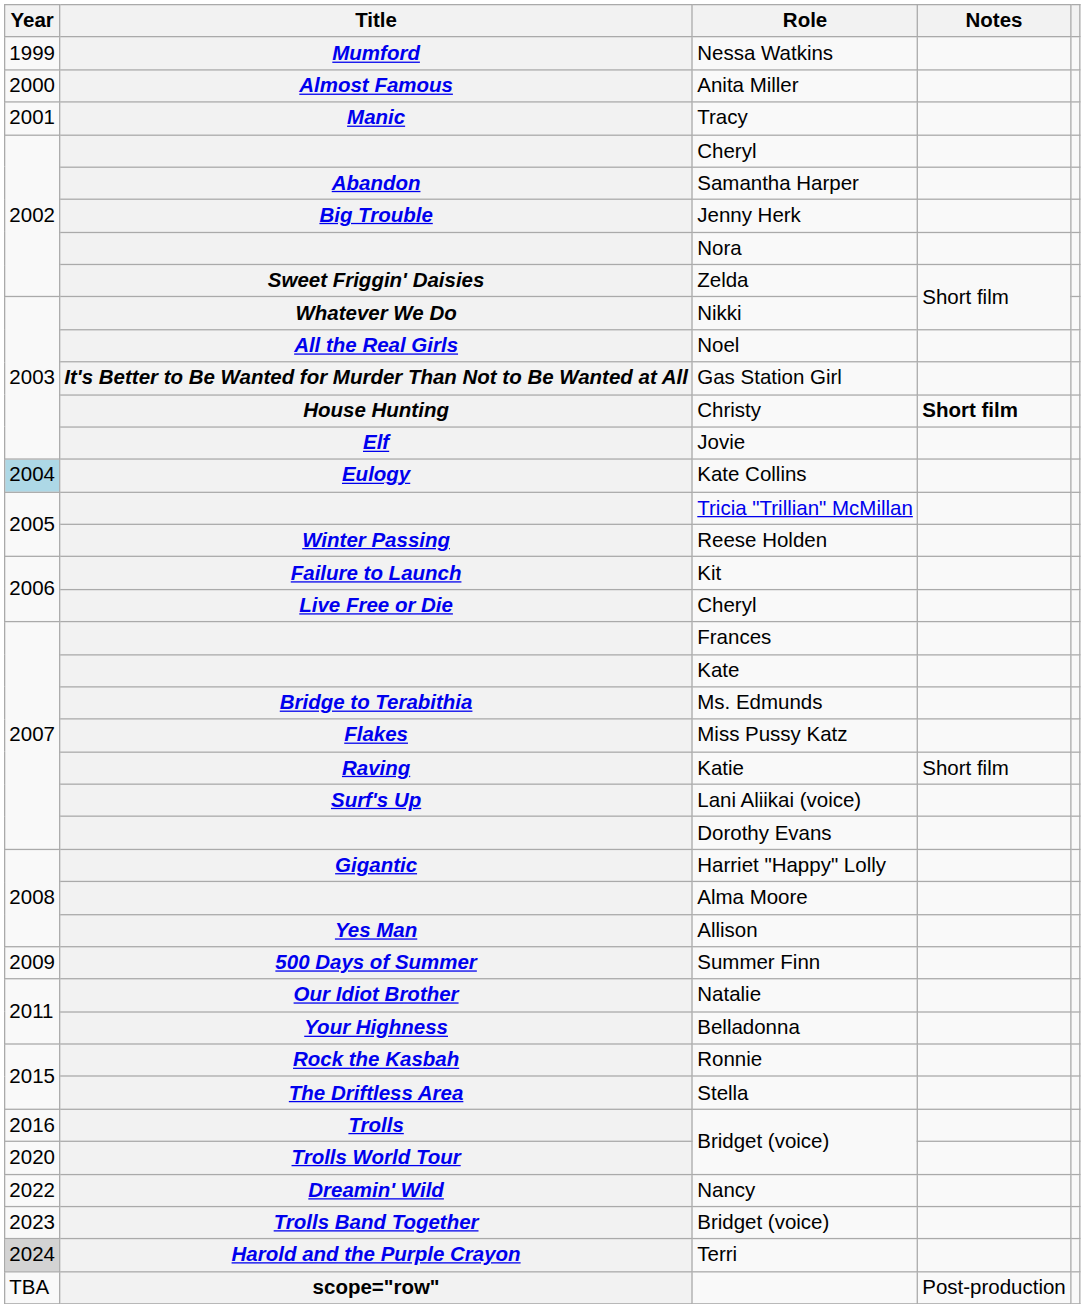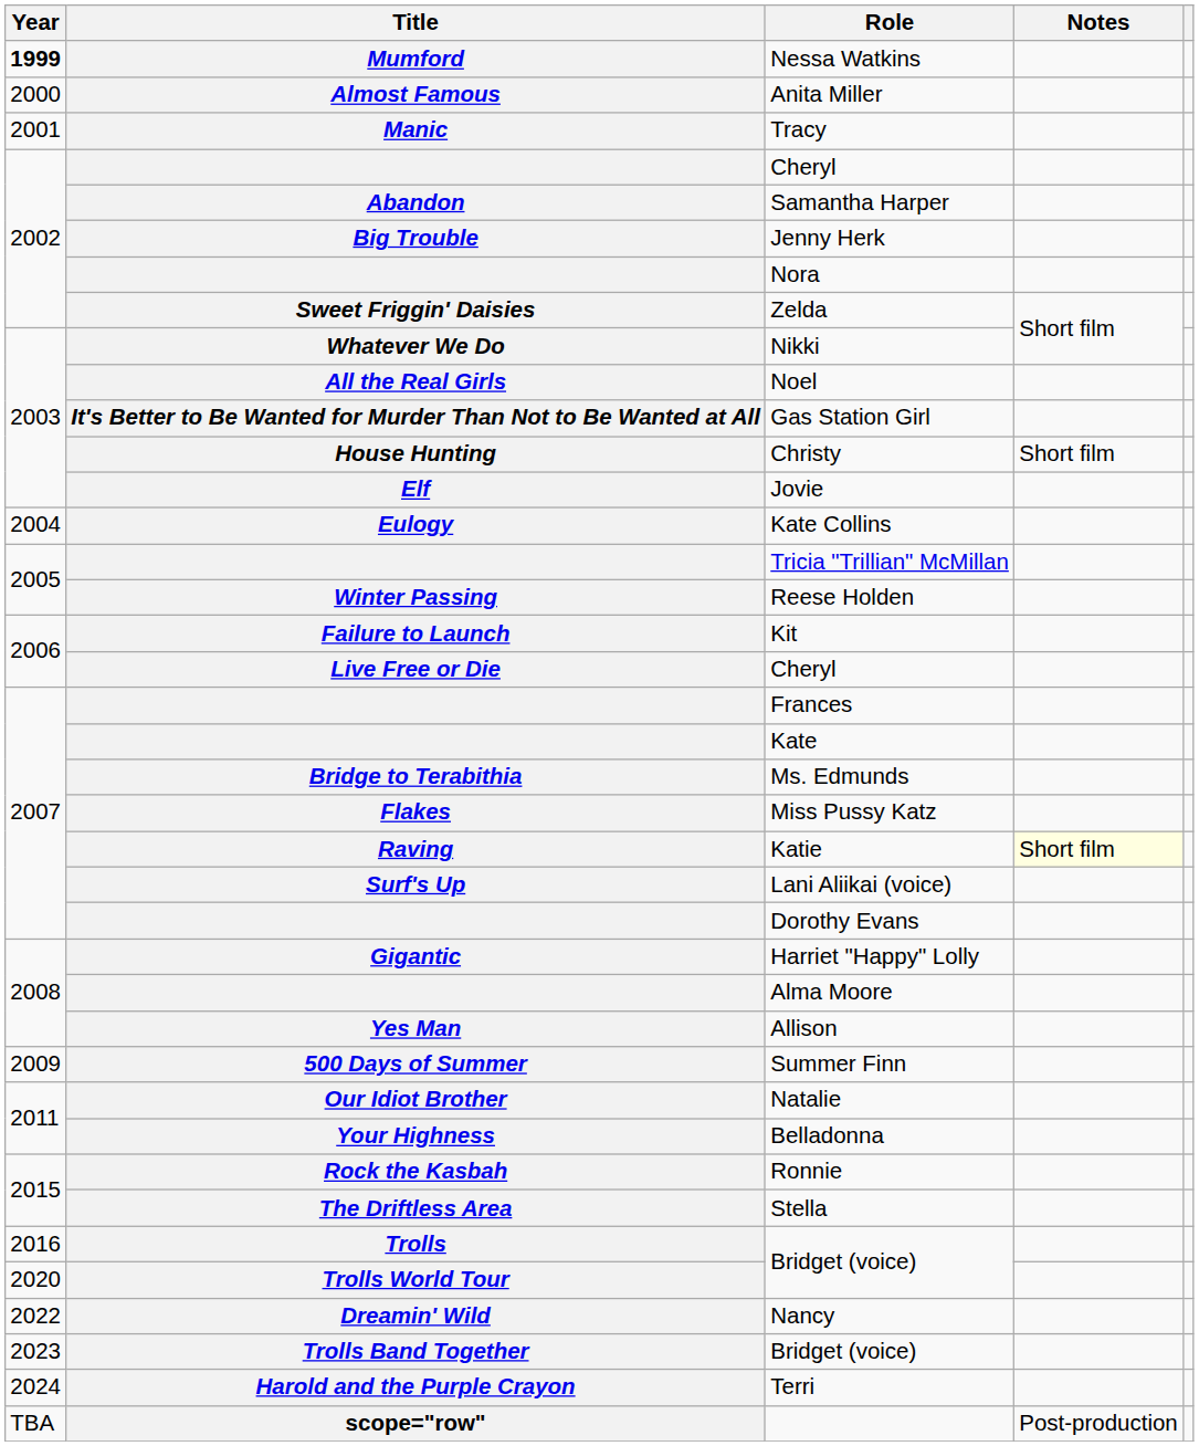 <table class="wikitable plainrowheaders sortable">
 <tr>
 <th scope="col">Year</th>
 <th scope="col">Title</th>
 <th scope="col">Role</th>
 <th scope="col" class="unsortable">Notes</th>
 <th scope="col" class="unsortable"></th>
 </tr>
 <tr>
-<td>1999</td>
+<td><strong>1999</strong></td>
 <th scope="row"><em><a href='#'>Mumford</a></em></th>
 <td>Nessa Watkins</td>
 <td></td>
 <td style="text-align:center;"></td>
 </tr>
 <tr>
 <td>2000</td>
 <th scope="row"><em><a href='#'>Almost Famous</a></em></th>
 <td>Anita Miller</td>
 <td></td>
 <td style="text-align:center;"></td>
 </tr>
 <tr>
 <td>2001</td>
 <th scope="row"><em><a href='#'>Manic</a></em></th>
 <td>Tracy</td>
 <td></td>
 <td style="text-align:center;"></td>
 </tr>
 <tr>
 <td rowspan="5">2002</td>
 <th scope="row"><em></em></th>
 <td>Cheryl</td>
 <td></td>
 <td style="text-align:center;"></td>
 </tr>
 <tr>
 <th scope="row"><em><a href='#'>Abandon</a></em></th>
 <td>Samantha Harper</td>
 <td></td>
 <td style="text-align:center;"></td>
 </tr>
 <tr>
 <th scope="row"><em><a href='#'>Big Trouble</a></em></th>
 <td>Jenny Herk</td>
 <td></td>
 <td style="text-align:center;"></td>
 </tr>
 <tr>
 <th scope="row"><em></em></th>
 <td>Nora</td>
 <td></td>
 <td style="text-align:center;"></td>
 </tr>
 <tr>
 <th scope="row"><em>Sweet Friggin' Daisies</em></th>
 <td>Zelda</td>
 <td rowspan="2">Short film</td>
 <td style="text-align:center;"></td>
 </tr>
 <tr>
 <td rowspan="5">2003</td>
 <th scope="row"><em>Whatever We Do</em></th>
 <td>Nikki</td>
 <td style="text-align:center;"></td>
 </tr>
 <tr>
 <th scope="row"><em><a href='#'>All the Real Girls</a></em></th>
 <td>Noel</td>
 <td></td>
 <td style="text-align:center;"></td>
 </tr>
 <tr>
 <th scope="row"><em>It's Better to Be Wanted for Murder Than Not to Be Wanted at All</em></th>
 <td>Gas Station Girl</td>
 <td></td>
 <td style="text-align:center;"></td>
 </tr>
 <tr>
 <th scope="row"><em>House Hunting</em></th>
 <td>Christy</td>
-<td><strong>Short film</strong></td>
+<td>Short film</td>
 <td style="text-align:center;"></td>
 </tr>
 <tr>
 <th scope="row"><em><a href='#'>Elf</a></em></th>
 <td>Jovie</td>
 <td></td>
 <td style="text-align:center;"></td>
 </tr>
 <tr>
-<td style="background: lightblue;">2004</td>
+<td>2004</td>
 <th scope="row"><em><a href='#'>Eulogy</a></em></th>
 <td>Kate Collins</td>
 <td></td>
 <td style="text-align:center;"></td>
 </tr>
 <tr>
 <td rowspan="2">2005</td>
 <th scope="row"><em></em></th>
 <td><a href='#'>Tricia "Trillian" McMillan</a></td>
 <td></td>
 <td style="text-align:center;"></td>
 </tr>
 <tr>
 <th scope="row"><em><a href='#'>Winter Passing</a></em></th>
 <td>Reese Holden</td>
 <td></td>
 <td style="text-align:center;"></td>
 </tr>
 <tr>
 <td rowspan="2">2006</td>
 <th scope="row"><em><a href='#'>Failure to Launch</a></em></th>
 <td>Kit</td>
 <td></td>
 <td style="text-align:center;"></td>
 </tr>
 <tr>
 <th scope="row"><em><a href='#'>Live Free or Die</a></em></th>
 <td>Cheryl</td>
 <td></td>
 <td style="text-align:center;"></td>
 </tr>
 <tr>
 <td rowspan="7">2007</td>
 <th scope="row"><em></em></th>
 <td>Frances</td>
 <td></td>
 <td style="text-align:center;"></td>
 </tr>
 <tr>
 <th scope="row"><em></em></th>
 <td>Kate</td>
 <td></td>
 <td style="text-align:center;"></td>
 </tr>
 <tr>
 <th scope="row"><em><a href='#'>Bridge to Terabithia</a></em></th>
 <td>Ms. Edmunds</td>
 <td></td>
 <td style="text-align:center;"></td>
 </tr>
 <tr>
 <th scope="row"><em><a href='#'>Flakes</a></em></th>
 <td>Miss Pussy Katz</td>
 <td></td>
 <td style="text-align:center;"></td>
 </tr>
 <tr>
 <th scope="row"><em><a href='#'>Raving</a></em></th>
 <td>Katie</td>
-<td>Short film</td>
+<td style="background: lightyellow;">Short film</td>
 <td style="text-align:center;"></td>
 </tr>
 <tr>
 <th scope="row"><em><a href='#'>Surf's Up</a></em></th>
 <td>Lani Aliikai (voice)</td>
 <td></td>
 <td style="text-align:center;"></td>
 </tr>
 <tr>
 <th scope="row"><em></em></th>
 <td>Dorothy Evans</td>
 <td></td>
 <td style="text-align:center;"></td>
 </tr>
 <tr>
 <td rowspan="3">2008</td>
 <th scope="row"><em><a href='#'>Gigantic</a></em></th>
 <td>Harriet "Happy" Lolly</td>
 <td></td>
 <td style="text-align:center;"></td>
 </tr>
 <tr>
 <th scope="row"><em></em></th>
 <td>Alma Moore</td>
 <td></td>
 <td style="text-align:center;"></td>
 </tr>
 <tr>
 <th scope="row"><em><a href='#'>Yes Man</a></em></th>
 <td>Allison</td>
 <td></td>
 <td style="text-align:center;"></td>
 </tr>
 <tr>
 <td>2009</td>
 <th scope="row"><em><a href='#'>500 Days of Summer</a></em></th>
 <td>Summer Finn</td>
 <td></td>
 <td style="text-align:center;"></td>
 </tr>
 <tr>
 <td rowspan="2">2011</td>
 <th scope="row"><em><a href='#'>Our Idiot Brother</a></em></th>
 <td>Natalie</td>
 <td></td>
 <td style="text-align:center;"></td>
 </tr>
 <tr>
 <th scope="row"><em><a href='#'>Your Highness</a></em></th>
 <td>Belladonna</td>
 <td></td>
 <td style="text-align:center;"></td>
 </tr>
 <tr>
 <td rowspan="2">2015</td>
 <th scope="row"><em><a href='#'>Rock the Kasbah</a></em></th>
 <td>Ronnie</td>
 <td></td>
 <td style="text-align:center;"></td>
 </tr>
 <tr>
 <th scope="row"><em><a href='#'>The Driftless Area</a></em></th>
 <td>Stella</td>
 <td></td>
 <td style="text-align:center;"></td>
 </tr>
 <tr>
 <td>2016</td>
 <th scope="row"><em><a href='#'>Trolls</a></em></th>
 <td rowspan="2">Bridget (voice)</td>
 <td></td>
 <td style="text-align:center;"></td>
 </tr>
 <tr>
 <td>2020</td>
 <th scope="row"><em><a href='#'>Trolls World Tour</a></em></th>
 <td></td>
 <td></td>
 </tr>
 <tr>
 <td>2022</td>
 <th scope="row"><em><a href='#'>Dreamin' Wild</a></em></th>
 <td>Nancy</td>
 <td></td>
 <td style="text-align:center;"></td>
 </tr>
 <tr>
 <td>2023</td>
 <th scope="row"><em><a href='#'>Trolls Band Together</a></em></th>
 <td>Bridget (voice)</td>
 <td></td>
 <td></td>
 </tr>
 <tr>
-<td style="background: lightgrey;">2024</td>
+<td>2024</td>
 <th scope="row"><em><a href='#'>Harold and the Purple Crayon</a></em></th>
 <td>Terri</td>
 <td></td>
 <td style="text-align:center;"></td>
 </tr>
 <tr>
 <td>TBA</td>
 <th>scope="row" </th>
 <td></td>
 <td>Post-production</td>
 <td style="text-align:center;"></td>
 </tr>
 </table>
